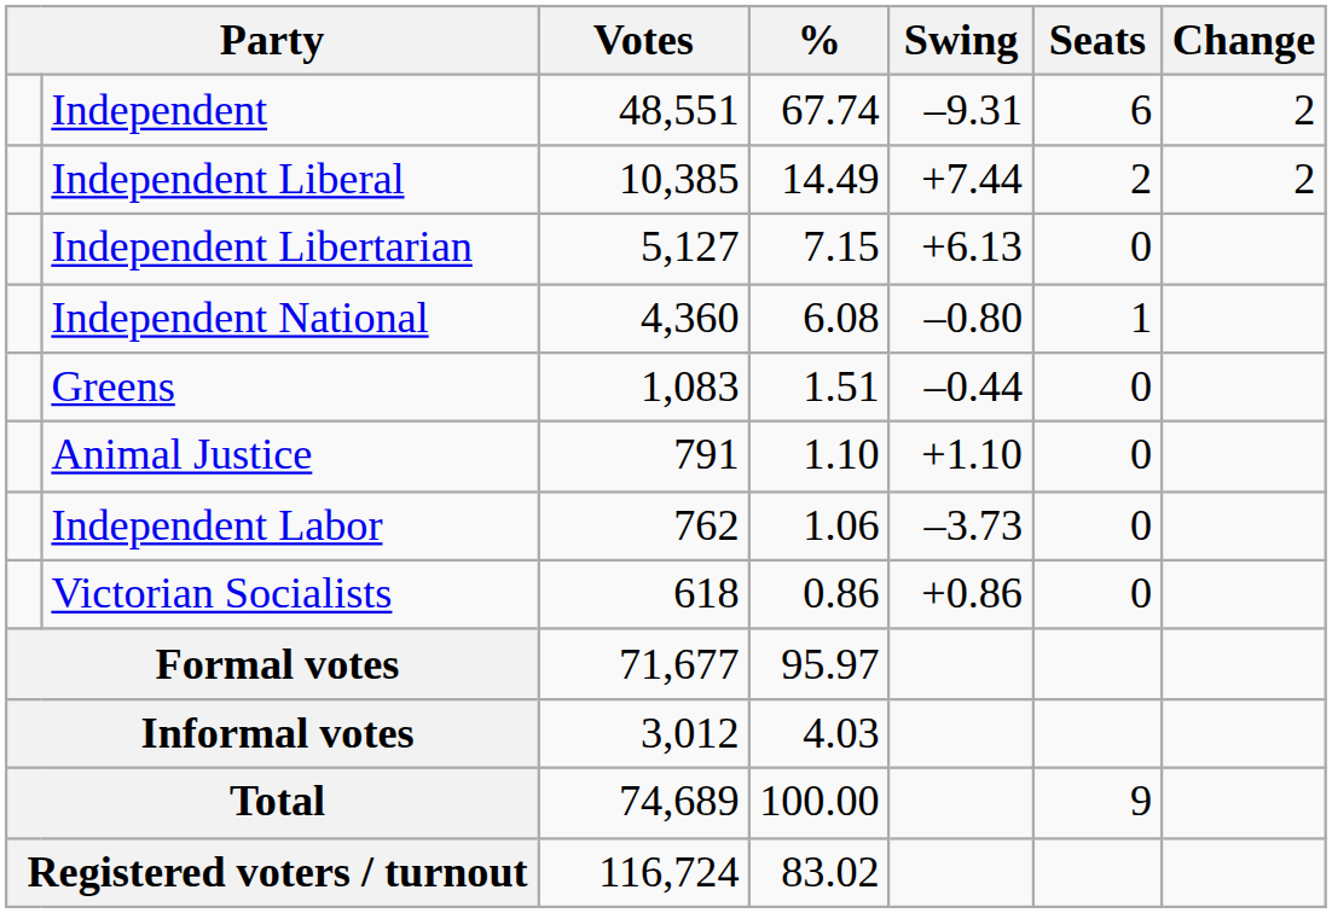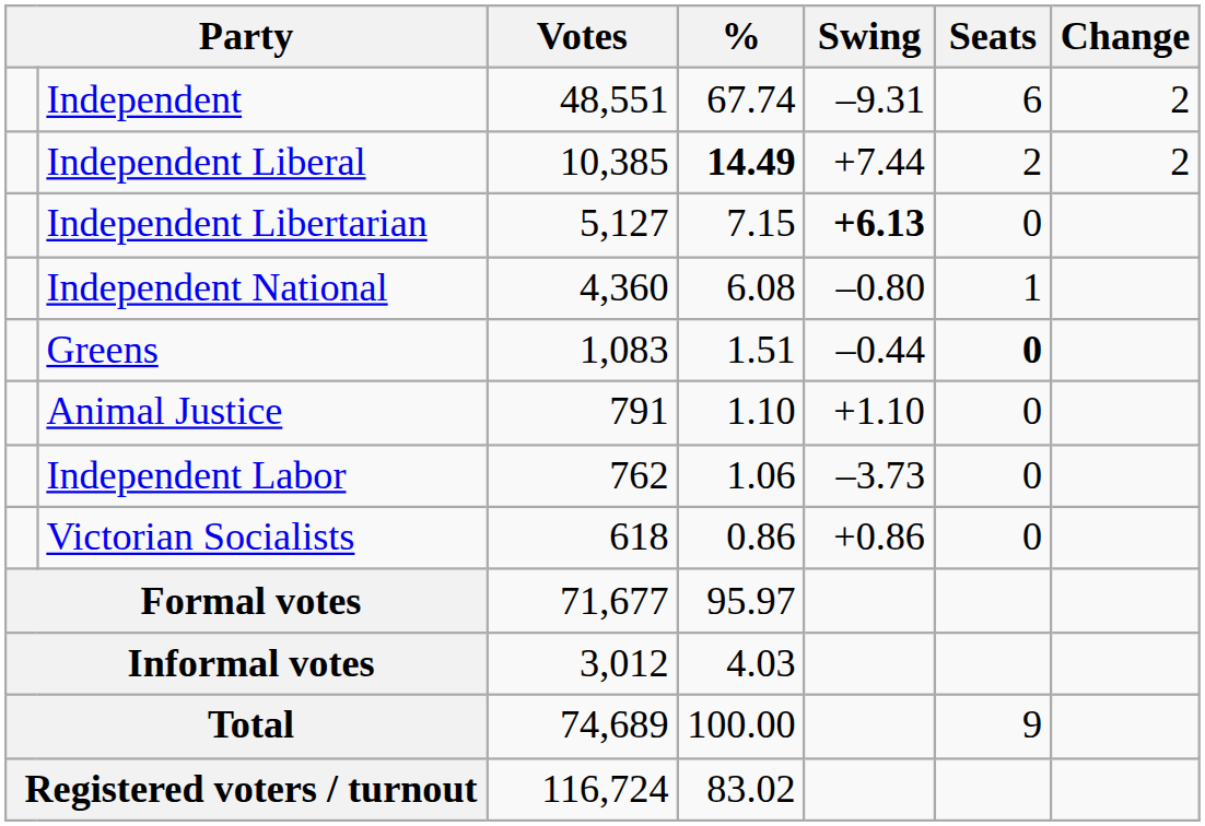 <table class="wikitable" style="text-align:right; margin-bottom:0">
 <tr>
 <th colspan="3" style="width:10px">Party</th>
 <th style="width:70px;">Votes</th>
 <th style="width:40px;">%</th>
 <th style="width:40px;">Swing</th>
 <th style="width:40px;">Seats</th>
 <th style="width:40px;">Change</th>
 </tr>
 <tr>
 <td> </td>
 <td colspan="2" style="text-align:left;"><a href='#'>Independent</a></td>
 <td style="width:70px;">48,551</td>
 <td style="width:40px;">67.74</td>
 <td style="width:45px;">–9.31</td>
 <td style="width:40px;">6</td>
 <td style="width:40px;"> 2</td>
 </tr>
 <tr>
 <td> </td>
 <td colspan="2" style="text-align:left;"><a href='#'>Independent Liberal</a></td>
 <td>10,385</td>
-<td>14.49</td>
+<td><strong>14.49</strong></td>
 <td>+7.44</td>
 <td>2</td>
 <td> 2</td>
 </tr>
 <tr>
 <td> </td>
 <td colspan="2" style="text-align:left;"><a href='#'>Independent Libertarian</a></td>
 <td>5,127</td>
 <td>7.15</td>
-<td>+6.13</td>
+<td><strong>+6.13</strong></td>
 <td>0</td>
 <td></td>
 </tr>
 <tr>
 <td> </td>
 <td colspan="2" style="text-align:left;"><a href='#'>Independent National</a></td>
 <td>4,360</td>
 <td>6.08</td>
 <td>–0.80</td>
 <td>1</td>
 <td></td>
 </tr>
 <tr>
 <td> </td>
 <td colspan="2" style="text-align:left;"><a href='#'>Greens</a></td>
 <td>1,083</td>
 <td>1.51</td>
 <td>–0.44</td>
-<td>0</td>
+<td><strong>0</strong></td>
 <td></td>
 </tr>
 <tr>
 <td> </td>
 <td colspan="2" style="text-align:left;"><a href='#'>Animal Justice</a></td>
 <td>791</td>
 <td>1.10</td>
 <td>+1.10</td>
 <td>0</td>
 <td></td>
 </tr>
 <tr>
 <td> </td>
 <td colspan="2" style="text-align:left;"><a href='#'>Independent Labor</a></td>
 <td>762</td>
 <td>1.06</td>
 <td>–3.73</td>
 <td>0</td>
 <td></td>
 </tr>
 <tr>
 <td> </td>
 <td colspan="2" style="text-align:left;"><a href='#'>Victorian Socialists</a></td>
 <td>618</td>
 <td>0.86</td>
 <td>+0.86</td>
 <td>0</td>
 <td></td>
 </tr>
 <tr>
 <th colspan="3" rowspan="1"> Formal votes</th>
 <td>71,677</td>
 <td>95.97</td>
 <td></td>
 <td></td>
 <td></td>
 </tr>
 <tr>
 <th colspan="3" rowspan="1"> Informal votes</th>
 <td>3,012</td>
 <td>4.03</td>
 <td></td>
 <td></td>
 <td></td>
 </tr>
 <tr>
 <th colspan="3" rowspan="1"> Total</th>
 <td>74,689</td>
 <td>100.00</td>
 <td></td>
 <td>9</td>
 <td></td>
 </tr>
 <tr>
 <th colspan="3" rowspan="1"> Registered voters / turnout</th>
 <td>116,724</td>
 <td>83.02</td>
 <td></td>
 <td></td>
 <td></td>
 </tr>
 </table>
